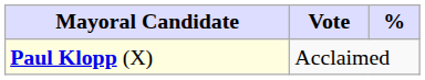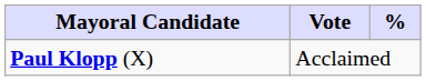 <table class="wikitable">
 <tr>
 <th style="background:#ddf; width:200px;">Mayoral Candidate</th>
 <th style="background:#ddf; width:50px;">Vote</th>
 <th style="background:#ddf; width:30px;">%</th>
 </tr>
 <tr>
-<td style="background: lightyellow;"><strong><a href='#'>Paul Klopp</a></strong> (X)</td>
+<td><strong><a href='#'>Paul Klopp</a></strong> (X)</td>
 <td colspan="2">Acclaimed</td>
 </tr>
 </table>
